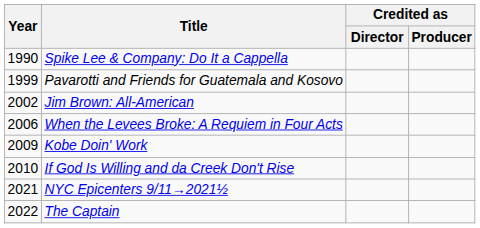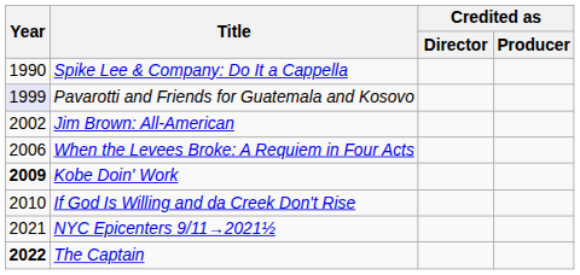 <table class="wikitable" style="white-space:nowrap">
 <tr>
 <th rowspan="2" style="width:33px;">Year</th>
 <th rowspan="2" style="width:200px;">Title</th>
 <th colspan="3">Credited as</th>
 </tr>
 <tr>
 <th width="65">Director</th>
 <th width="65">Producer</th>
 </tr>
 <tr>
 <td>1990</td>
 <td><em><a href='#'>Spike Lee & Company: Do It a Cappella</a></em></td>
 <td></td>
 <td></td>
 </tr>
 <tr>
-<td>1999</td>
+<td style="background: lavender;">1999</td>
 <td><em>Pavarotti and Friends for Guatemala and Kosovo</em></td>
 <td></td>
 <td></td>
 </tr>
 <tr>
 <td>2002</td>
 <td><em><a href='#'>Jim Brown: All-American</a></em></td>
 <td></td>
 <td></td>
 </tr>
 <tr>
 <td>2006</td>
 <td><em><a href='#'>When the Levees Broke: A Requiem in Four Acts</a></em></td>
 <td></td>
 <td></td>
 </tr>
 <tr>
-<td>2009</td>
+<td><strong>2009</strong></td>
 <td><em><a href='#'>Kobe Doin' Work</a></em></td>
 <td></td>
 <td></td>
 </tr>
 <tr>
 <td>2010</td>
 <td><em><a href='#'>If God Is Willing and da Creek Don't Rise</a></em></td>
 <td></td>
 <td></td>
 </tr>
 <tr>
 <td>2021</td>
 <td align="left"><em><a href='#'>NYC Epicenters 9/11→2021½</a></em></td>
 <td></td>
 <td></td>
 </tr>
 <tr>
-<td>2022</td>
+<td><strong>2022</strong></td>
 <td align="left"><em><a href='#'>The Captain</a></em></td>
 <td></td>
 <td></td>
 </tr>
 </table>
